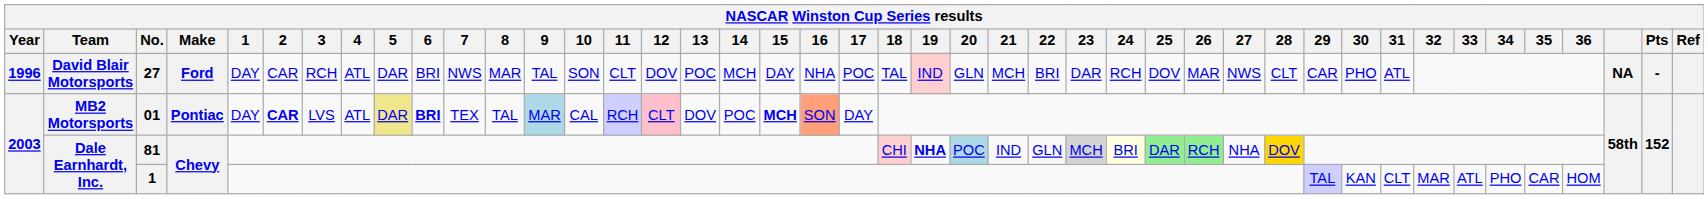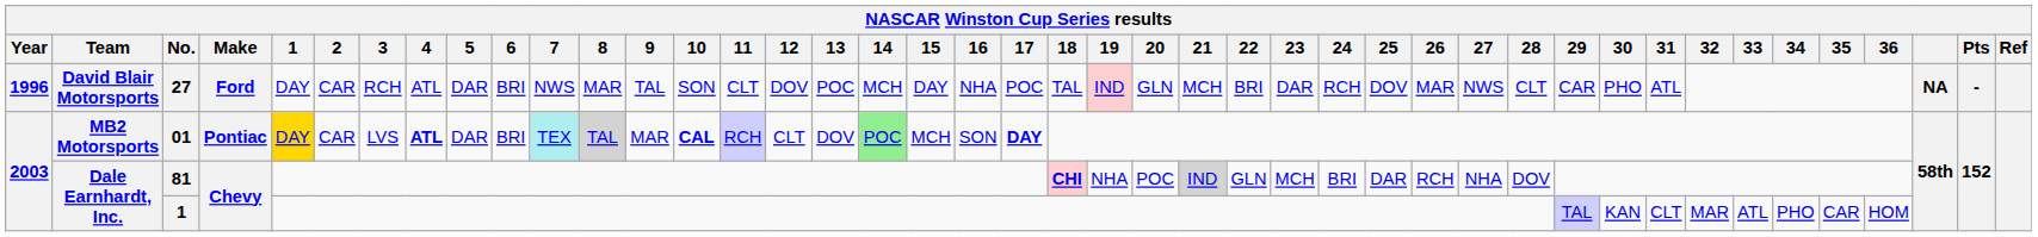 <table class="wikitable" style="text-align:center; font-size:75%">
 <tr>
 <th colspan=45><a href='#'>NASCAR</a> <a href='#'>Winston Cup Series</a> results</th>
 </tr>
 <tr>
 <th>Year</th>
 <th>Team</th>
 <th>No.</th>
 <th>Make</th>
 <th>1</th>
 <th>2</th>
 <th>3</th>
 <th>4</th>
 <th>5</th>
 <th>6</th>
 <th>7</th>
 <th>8</th>
 <th>9</th>
 <th>10</th>
 <th>11</th>
 <th>12</th>
 <th>13</th>
 <th>14</th>
 <th>15</th>
 <th>16</th>
 <th>17</th>
 <th>18</th>
 <th>19</th>
 <th>20</th>
 <th>21</th>
 <th>22</th>
 <th>23</th>
 <th>24</th>
 <th>25</th>
 <th>26</th>
 <th>27</th>
 <th>28</th>
 <th>29</th>
 <th>30</th>
 <th>31</th>
 <th>32</th>
 <th>33</th>
 <th>34</th>
 <th>35</th>
 <th>36</th>
 <th></th>
 <th>Pts</th>
 <th>Ref</th>
 </tr>
 <tr>
 <th><a href='#'>1996</a></th>
 <th><a href='#'>David Blair Motorsports</a></th>
 <th>27</th>
 <th><a href='#'>Ford</a></th>
 <td><a href='#'>DAY</a></td>
 <td><a href='#'>CAR</a></td>
 <td><a href='#'>RCH</a></td>
 <td><a href='#'>ATL</a></td>
 <td><a href='#'>DAR</a></td>
 <td><a href='#'>BRI</a></td>
 <td><a href='#'>NWS</a></td>
 <td><a href='#'>MAR</a></td>
 <td><a href='#'>TAL</a></td>
 <td><a href='#'>SON</a></td>
 <td><a href='#'>CLT</a></td>
 <td><a href='#'>DOV</a></td>
 <td><a href='#'>POC</a></td>
 <td><a href='#'>MCH</a></td>
 <td><a href='#'>DAY</a></td>
 <td><a href='#'>NHA</a></td>
 <td><a href='#'>POC</a></td>
 <td><a href='#'>TAL</a></td>
 <td style="background:#FFCFCF;"><a href='#'>IND</a><br></td>
 <td><a href='#'>GLN</a></td>
 <td><a href='#'>MCH</a></td>
 <td><a href='#'>BRI</a></td>
 <td><a href='#'>DAR</a></td>
 <td><a href='#'>RCH</a></td>
 <td><a href='#'>DOV</a></td>
 <td><a href='#'>MAR</a></td>
 <td><a href='#'>NWS</a></td>
 <td><a href='#'>CLT</a></td>
 <td><a href='#'>CAR</a></td>
 <td><a href='#'>PHO</a></td>
 <td><a href='#'>ATL</a></td>
 <td colspan=5></td>
 <th>NA</th>
 <th>-</th>
 <th></th>
 </tr>
 <tr>
 <th rowspan=3><a href='#'>2003</a></th>
 <th><a href='#'>MB2 Motorsports</a></th>
 <th>01</th>
 <th><a href='#'>Pontiac</a></th>
-<td><a href='#'>DAY</a></td>
-<td><strong><a href='#'>CAR</a></strong></td>
+<td style="background: gold;"><a href='#'>DAY</a></td>
+<td><a href='#'>CAR</a></td>
 <td><a href='#'>LVS</a></td>
-<td><a href='#'>ATL</a></td>
-<td style="background: khaki;"><a href='#'>DAR</a></td>
-<td><strong><a href='#'>BRI</a></strong></td>
-<td><a href='#'>TEX</a></td>
-<td><a href='#'>TAL</a></td>
-<td style="background: lightblue;"><a href='#'>MAR</a></td>
-<td><a href='#'>CAL</a></td>
+<td><strong><a href='#'>ATL</a></strong></td>
+<td><a href='#'>DAR</a></td>
+<td><a href='#'>BRI</a></td>
+<td style="background: paleturquoise;"><a href='#'>TEX</a></td>
+<td style="background: lightgrey;"><a href='#'>TAL</a></td>
+<td><a href='#'>MAR</a></td>
+<td><strong><a href='#'>CAL</a></strong></td>
 <td style="background:#CFCFFF;"><a href='#'>RCH</a><br></td>
-<td style="background: pink;"><a href='#'>CLT</a></td>
+<td><a href='#'>CLT</a></td>
 <td><a href='#'>DOV</a></td>
-<td><a href='#'>POC</a></td>
-<td><strong><a href='#'>MCH</a></strong></td>
-<td style="background: lightsalmon;"><a href='#'>SON</a></td>
-<td><a href='#'>DAY</a></td>
+<td style="background: lightgreen;"><a href='#'>POC</a></td>
+<td><a href='#'>MCH</a></td>
+<td><a href='#'>SON</a></td>
+<td><strong><a href='#'>DAY</a></strong></td>
 <td colspan=19></td>
 <th rowspan=3>58th</th>
 <th rowspan=3>152</th>
 <th rowspan=3></th>
 </tr>
 <tr>
 <th rowspan=2><a href='#'>Dale Earnhardt, Inc.</a></th>
 <th>81</th>
 <th rowspan=2><a href='#'>Chevy</a></th>
 <td colspan=17></td>
-<td style="background:#FFCFCF;"><a href='#'>CHI</a><br></td>
-<td><strong><a href='#'>NHA</a></strong></td>
-<td style="background: lightblue;"><a href='#'>POC</a></td>
-<td><a href='#'>IND</a></td>
+<td style="background:#FFCFCF;"><strong><a href='#'>CHI</a><br></strong></td>
+<td><a href='#'>NHA</a></td>
+<td><a href='#'>POC</a></td>
+<td style="background: lightgrey;"><a href='#'>IND</a></td>
 <td><a href='#'>GLN</a></td>
-<td style="background: lightgrey;"><a href='#'>MCH</a></td>
-<td style="background: lightyellow;"><a href='#'>BRI</a></td>
-<td style="background: lightgreen;"><a href='#'>DAR</a></td>
-<td style="background: lightgreen;"><a href='#'>RCH</a></td>
+<td><a href='#'>MCH</a></td>
+<td><a href='#'>BRI</a></td>
+<td><a href='#'>DAR</a></td>
+<td><a href='#'>RCH</a></td>
 <td><a href='#'>NHA</a></td>
-<td style="background: gold;"><a href='#'>DOV</a></td>
+<td><a href='#'>DOV</a></td>
 <td colspan=8></td>
 </tr>
 <tr>
 <th>1</th>
 <td colspan=28></td>
 <td style="background:#CFCFFF;"><a href='#'>TAL</a><br></td>
 <td><a href='#'>KAN</a></td>
 <td><a href='#'>CLT</a></td>
 <td><a href='#'>MAR</a></td>
 <td><a href='#'>ATL</a></td>
 <td><a href='#'>PHO</a></td>
 <td><a href='#'>CAR</a></td>
 <td><a href='#'>HOM</a></td>
 </tr>
 </table>
